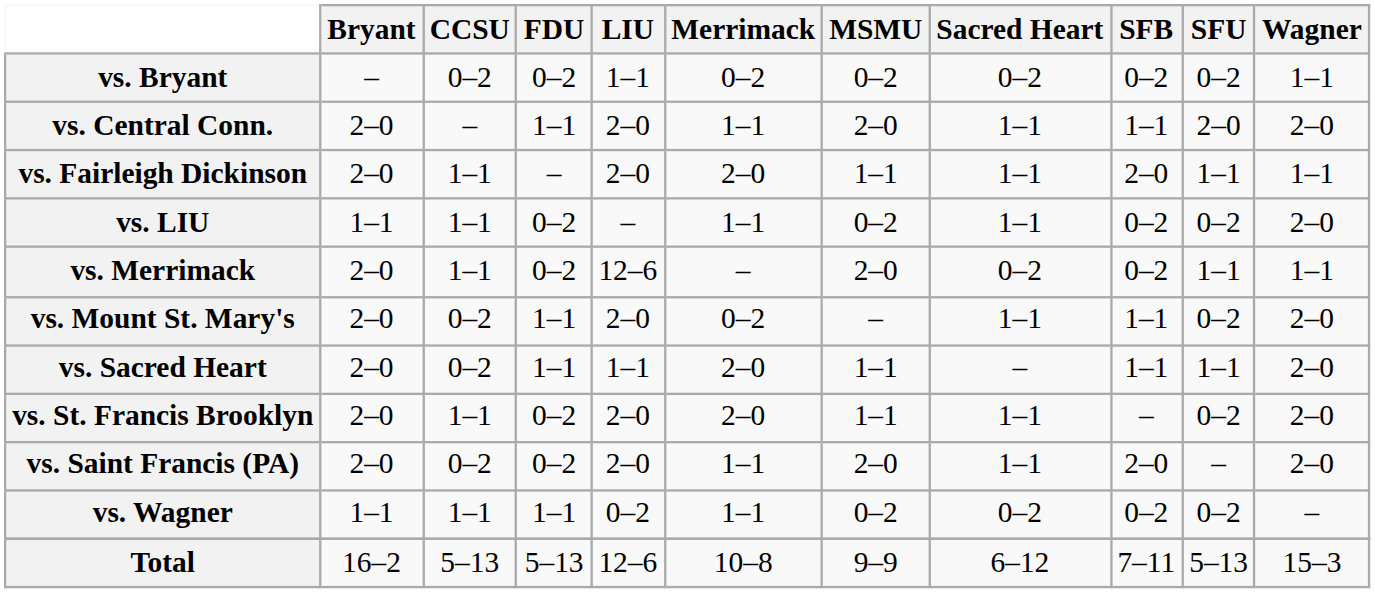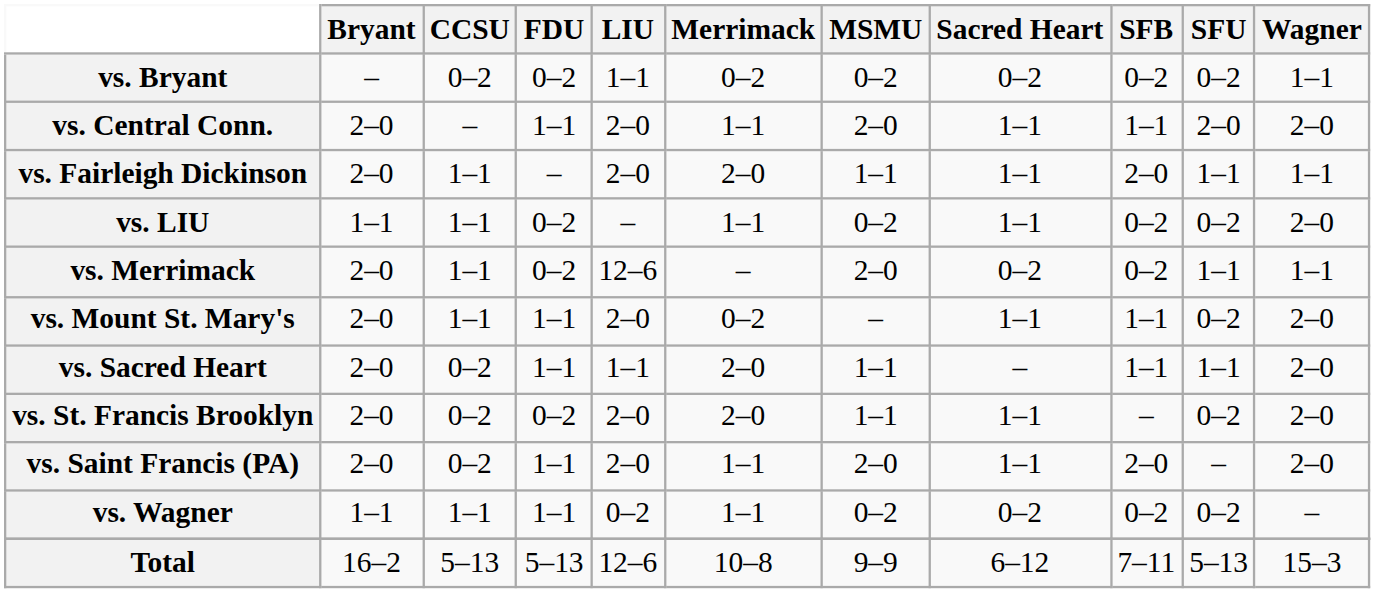 <table class="wikitable" style="white-space:nowrap;font-size:80%;">
 <tr>
 <th colspan=1 style="background:white; border-top-style:hidden; border-left-style:hidden;"   width=75> </th>
 <th>Bryant</th>
 <th>CCSU</th>
 <th>FDU</th>
 <th>LIU</th>
 <th>Merrimack</th>
 <th>MSMU</th>
 <th>Sacred Heart</th>
 <th>SFB</th>
 <th>SFU</th>
 <th>Wagner</th>
 </tr>
 <tr style="text-align:center;">
 <th>vs. Bryant</th>
 <td>–</td>
 <td>0–2</td>
 <td>0–2</td>
 <td>1–1</td>
 <td>0–2</td>
 <td>0–2</td>
 <td>0–2</td>
 <td>0–2</td>
 <td>0–2</td>
 <td>1–1</td>
 </tr>
 <tr style="text-align:center;">
 <th>vs. Central Conn.</th>
 <td>2–0</td>
 <td>–</td>
 <td>1–1</td>
 <td>2–0</td>
 <td>1–1</td>
 <td>2–0</td>
 <td>1–1</td>
 <td>1–1</td>
 <td>2–0</td>
 <td>2–0</td>
 </tr>
 <tr style="text-align:center;">
 <th>vs. Fairleigh Dickinson</th>
 <td>2–0</td>
 <td>1–1</td>
 <td>–</td>
 <td>2–0</td>
 <td>2–0</td>
 <td>1–1</td>
 <td>1–1</td>
 <td>2–0</td>
 <td>1–1</td>
 <td>1–1</td>
 </tr>
 <tr style="text-align:center;">
 <th>vs. LIU</th>
 <td>1–1</td>
 <td>1–1</td>
 <td>0–2</td>
 <td>–</td>
 <td>1–1</td>
 <td>0–2</td>
 <td>1–1</td>
 <td>0–2</td>
 <td>0–2</td>
 <td>2–0</td>
 </tr>
 <tr style="text-align:center;">
 <th>vs. Merrimack</th>
 <td>2–0</td>
 <td>1–1</td>
 <td>0–2</td>
 <td>12–6</td>
 <td>–</td>
 <td>2–0</td>
 <td>0–2</td>
 <td>0–2</td>
 <td>1–1</td>
 <td>1–1</td>
 </tr>
 <tr style="text-align:center;">
 <th>vs. Mount St. Mary's</th>
 <td>2–0</td>
-<td>0–2</td>
+<td>1–1</td>
 <td>1–1</td>
 <td>2–0</td>
 <td>0–2</td>
 <td>–</td>
 <td>1–1</td>
 <td>1–1</td>
 <td>0–2</td>
 <td>2–0</td>
 </tr>
 <tr style="text-align:center;">
 <th>vs. Sacred Heart</th>
 <td>2–0</td>
 <td>0–2</td>
 <td>1–1</td>
 <td>1–1</td>
 <td>2–0</td>
 <td>1–1</td>
 <td>–</td>
 <td>1–1</td>
 <td>1–1</td>
 <td>2–0</td>
 </tr>
 <tr style="text-align:center;">
 <th>vs. St. Francis Brooklyn</th>
 <td>2–0</td>
-<td>1–1</td>
+<td>0–2</td>
 <td>0–2</td>
 <td>2–0</td>
 <td>2–0</td>
 <td>1–1</td>
 <td>1–1</td>
 <td>–</td>
 <td>0–2</td>
 <td>2–0</td>
 </tr>
 <tr style="text-align:center;">
 <th>vs. Saint Francis (PA)</th>
 <td>2–0</td>
 <td>0–2</td>
-<td>0–2</td>
+<td>1–1</td>
 <td>2–0</td>
 <td>1–1</td>
 <td>2–0</td>
 <td>1–1</td>
 <td>2–0</td>
 <td>–</td>
 <td>2–0</td>
 </tr>
 <tr style="text-align:center;">
 <th>vs. Wagner</th>
 <td>1–1</td>
 <td>1–1</td>
 <td>1–1</td>
 <td>0–2</td>
 <td>1–1</td>
 <td>0–2</td>
 <td>0–2</td>
 <td>0–2</td>
 <td>0–2</td>
 <td>–</td>
 </tr>
 <tr>
 </tr>
 <tr style="text-align:center;">
 <th>Total</th>
 <td>16–2</td>
 <td>5–13</td>
 <td>5–13</td>
 <td>12–6</td>
 <td>10–8</td>
 <td>9–9</td>
 <td>6–12</td>
 <td>7–11</td>
 <td>5–13</td>
 <td>15–3</td>
 </tr>
 </table>
